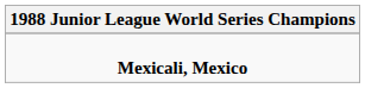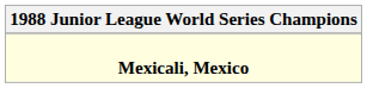 <table class="wikitable" style="text-align: center; margin: 0 auto;">
 <tr>
 <th>1988 Junior League World Series Champions</th>
 </tr>
 <tr>
 </tr>
 <tr>
-<td><br><strong>Mexicali, Mexico</strong></td>
+<td style="background: lightyellow;"><br><strong>Mexicali, Mexico</strong></td>
 </tr>
 </table>
